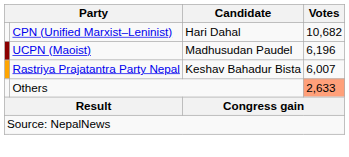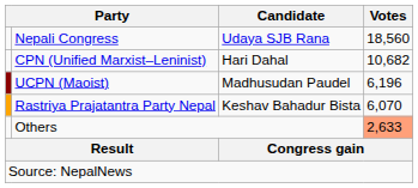 <table class="wikitable">
 <tr>
 <th colspan="2">Party</th>
 <th>Candidate</th>
 <th>Votes</th>
+</tr>
+<tr>
+<td style="background-color:"></td>
+<td><a href='#'>Nepali Congress</a></td>
+<td><a href='#'>Udaya SJB Rana</a></td>
+<td>18,560</td>
 </tr>
 <tr>
 <td style="background-color:"></td>
 <td><a href='#'>CPN (Unified Marxist–Leninist)</a></td>
 <td>Hari Dahal</td>
 <td>10,682</td>
 </tr>
 <tr>
 <td style="background-color:darkred"></td>
 <td><a href='#'>UCPN (Maoist)</a></td>
 <td>Madhusudan Paudel</td>
 <td>6,196</td>
 </tr>
 <tr>
 <td style="background-color:orange"></td>
 <td><a href='#'>Rastriya Prajatantra Party Nepal</a></td>
 <td>Keshav Bahadur Bista</td>
-<td>6,007</td>
+<td>6,070</td>
 </tr>
 <tr>
 <td></td>
 <td colspan="2">Others</td>
 <td style="background: lightsalmon;">2,633</td>
 </tr>
 <tr>
 <th colspan="2">Result</th>
 <th colspan="2">Congress gain</th>
 </tr>
 <tr>
 <td colspan="4">Source: NepalNews</td>
 </tr>
 </table>
